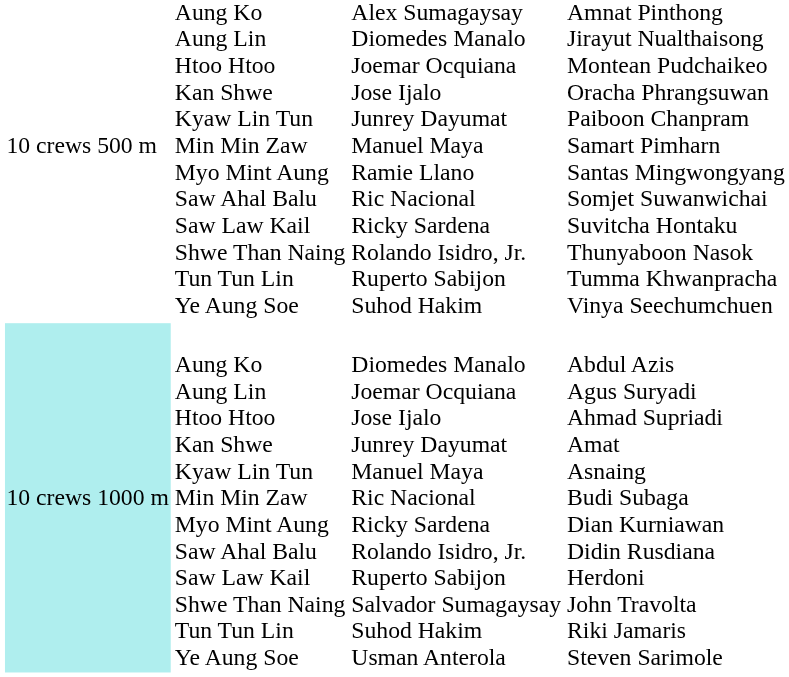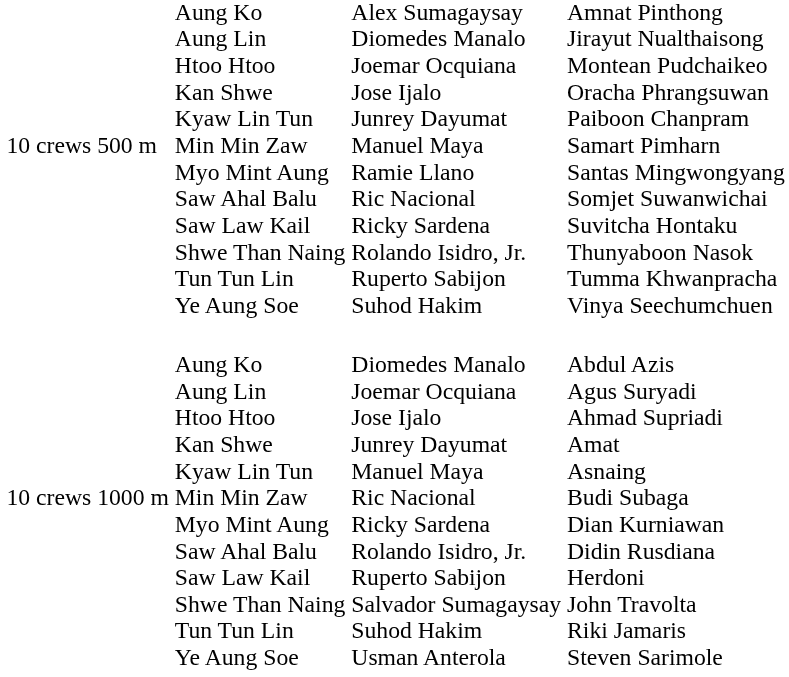 <table>
 <tr>
 <td>10 crews 500 m</td>
 <td nowrap=true><br>Aung Ko<br>Aung Lin<br>Htoo Htoo<br>Kan Shwe<br>Kyaw Lin Tun<br>Min Min Zaw<br>Myo Mint Aung<br>Saw Ahal Balu<br>Saw Law Kail<br>Shwe Than Naing<br>Tun Tun Lin<br>Ye Aung Soe</td>
 <td><br>Alex Sumagaysay<br>Diomedes Manalo<br>Joemar Ocquiana<br>Jose Ijalo<br>Junrey Dayumat<br>Manuel Maya<br>Ramie Llano<br>Ric Nacional<br>Ricky Sardena<br>Rolando Isidro, Jr.<br>Ruperto Sabijon<br>Suhod Hakim</td>
 <td nowrap=true><br>Amnat Pinthong<br>Jirayut Nualthaisong<br>Montean Pudchaikeo<br>Oracha Phrangsuwan<br>Paiboon Chanpram<br>Samart Pimharn<br>Santas Mingwongyang<br>Somjet Suwanwichai<br>Suvitcha Hontaku<br>Thunyaboon Nasok<br>Tumma Khwanpracha<br>Vinya Seechumchuen</td>
 </tr>
 <tr>
-<td style="background: paleturquoise;">10 crews 1000 m</td>
+<td>10 crews 1000 m</td>
 <td><br>Aung Ko<br>Aung Lin<br>Htoo Htoo<br>Kan Shwe<br>Kyaw Lin Tun<br>Min Min Zaw<br>Myo Mint Aung<br>Saw Ahal Balu<br>Saw Law Kail<br>Shwe Than Naing<br>Tun Tun Lin<br>Ye Aung Soe</td>
 <td nowrap=true><br>Diomedes Manalo<br>Joemar Ocquiana<br>Jose Ijalo<br>Junrey Dayumat<br>Manuel Maya<br>Ric Nacional<br>Ricky Sardena<br>Rolando Isidro, Jr.<br>Ruperto Sabijon<br>Salvador Sumagaysay<br>Suhod Hakim<br>Usman Anterola</td>
 <td><br>Abdul Azis<br>Agus Suryadi<br>Ahmad Supriadi<br>Amat<br>Asnaing<br>Budi Subaga<br>Dian Kurniawan<br>Didin Rusdiana<br>Herdoni<br>John Travolta<br>Riki Jamaris<br>Steven Sarimole</td>
 </tr>
 </table>
